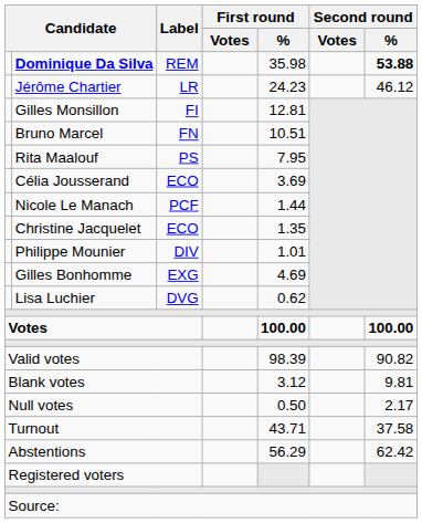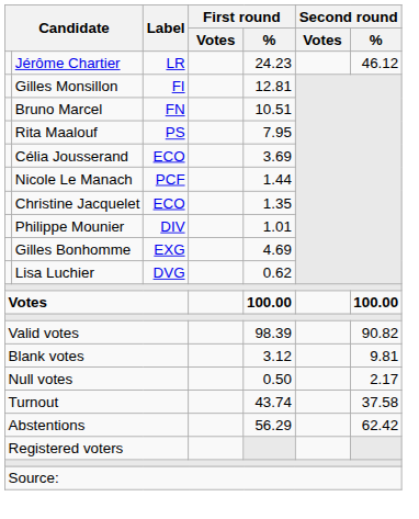 <table class="wikitable" style="text-align:right;font-size:95%;">
 <tr>
 <th rowspan="2" colspan="2">Candidate</th>
 <th rowspan="2">Label</th>
 <th colspan="2">First round</th>
 <th colspan="2">Second round</th>
 </tr>
 <tr>
 <th style="width:50px;">Votes</th>
 <th style="width:45px;">%</th>
 <th style="width:50px;">Votes</th>
 <th style="width:45px;">%</th>
-</tr>
-<tr>
-<td style="color:inherit;background:"></td>
-<td style="text-align:left;"><strong><a href='#'>Dominique Da Silva</a></strong></td>
-<td><a href='#'>REM</a></td>
-<td></td>
-<td>35.98</td>
-<td><strong></strong></td>
-<td><strong>53.88</strong></td>
 </tr>
 <tr>
 <td style="color:inherit;background:"></td>
 <td style="text-align:left;"><a href='#'>Jérôme Chartier</a></td>
 <td><a href='#'>LR</a></td>
 <td></td>
 <td>24.23</td>
 <td></td>
 <td>46.12</td>
 </tr>
 <tr>
 <td style="color:inherit;background:"></td>
 <td style="text-align:left;">Gilles Monsillon</td>
 <td><a href='#'>FI</a></td>
 <td></td>
 <td>12.81</td>
 <td colspan="2" rowspan="9" style="background:#E9E9E9;"></td>
 </tr>
 <tr>
 <td style="color:inherit;background:"></td>
 <td style="text-align:left;">Bruno Marcel</td>
 <td><a href='#'>FN</a></td>
 <td></td>
 <td>10.51</td>
 </tr>
 <tr>
 <td style="color:inherit;background:"></td>
 <td style="text-align:left;">Rita Maalouf</td>
 <td><a href='#'>PS</a></td>
 <td></td>
 <td>7.95</td>
 </tr>
 <tr>
 <td style="color:inherit;background:"></td>
 <td style="text-align:left;">Célia Jousserand</td>
 <td><a href='#'>ECO</a></td>
 <td></td>
 <td>3.69</td>
 </tr>
 <tr>
 <td style="color:inherit;background:"></td>
 <td style="text-align:left;">Nicole Le Manach</td>
 <td><a href='#'>PCF</a></td>
 <td></td>
 <td>1.44</td>
 </tr>
 <tr>
 <td style="color:inherit;background:"></td>
 <td style="text-align:left;">Christine Jacquelet</td>
 <td><a href='#'>ECO</a></td>
 <td></td>
 <td>1.35</td>
 </tr>
 <tr>
 <td style="color:inherit;background:"></td>
 <td style="text-align:left;">Philippe Mounier</td>
 <td><a href='#'>DIV</a></td>
 <td></td>
 <td>1.01</td>
 </tr>
 <tr>
 <td style="color:inherit;background:"></td>
 <td style="text-align:left;">Gilles Bonhomme</td>
 <td><a href='#'>EXG</a></td>
 <td></td>
 <td>4.69</td>
 </tr>
 <tr>
 <td style="color:inherit;background:"></td>
 <td style="text-align:left;">Lisa Luchier</td>
 <td><a href='#'>DVG</a></td>
 <td></td>
 <td>0.62</td>
 </tr>
 <tr>
 <td colspan="7" style="background:#E9E9E9;"></td>
 </tr>
 <tr style="font-weight:bold;">
 <td colspan="3" style="text-align:left;">Votes</td>
 <td></td>
 <td>100.00</td>
 <td></td>
 <td>100.00</td>
 </tr>
 <tr>
 <td colspan="7" style="background:#E9E9E9;"></td>
 </tr>
 <tr>
 <td colspan="3" style="text-align:left;">Valid votes</td>
 <td></td>
 <td>98.39</td>
 <td></td>
 <td>90.82</td>
 </tr>
 <tr>
 <td colspan="3" style="text-align:left;">Blank votes</td>
 <td></td>
 <td>3.12</td>
 <td></td>
 <td>9.81</td>
 </tr>
 <tr>
 <td colspan="3" style="text-align:left;">Null votes</td>
 <td></td>
 <td>0.50</td>
 <td></td>
 <td>2.17</td>
 </tr>
 <tr>
 <td colspan="3" style="text-align:left;">Turnout</td>
 <td></td>
-<td>43.71</td>
+<td>43.74</td>
 <td></td>
 <td>37.58</td>
 </tr>
 <tr>
 <td colspan="3" style="text-align:left;">Abstentions</td>
 <td></td>
 <td>56.29</td>
 <td></td>
 <td>62.42</td>
 </tr>
 <tr>
 <td colspan="3" style="text-align:left;">Registered voters</td>
 <td></td>
 <td style="color:inherit;background:#E9E9E9;"></td>
 <td></td>
 <td style="color:inherit;background:#E9E9E9;"></td>
 </tr>
 <tr>
 <td colspan="7" style="background:#E9E9E9;"></td>
 </tr>
 <tr>
 <td colspan="7" style="text-align:left;">Source: </td>
 </tr>
 </table>
